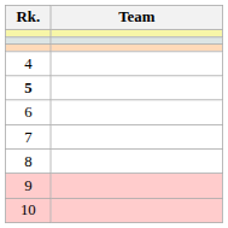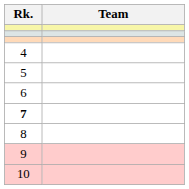 <table class="wikitable" style="border:1px solid #AAAAAA">
 <tr bgcolor="#E4E4E4">
 <th style="border-bottom:1px solid #AAAAAA" width=40>Rk.</th>
 <th style="border-bottom:1px solid #AAAAAA" width=170>Team</th>
 </tr>
 <tr bgcolor="#F7F6A8">
 <td align="center"></td>
 <td></td>
 </tr>
 <tr bgcolor="#DCE5E5">
 <td align="center"></td>
 <td></td>
 </tr>
 <tr bgcolor="#FFDAB9">
 <td align="center"></td>
 <td></td>
 </tr>
 <tr style="background:#ffffff;">
 <td align="center">4</td>
 <td></td>
 </tr>
 <tr style="background:#ffffff;">
-<td align="center"><strong>5</strong></td>
+<td align="center">5</td>
 <td></td>
 </tr>
 <tr style="background:#ffffff;">
 <td align="center">6</td>
 <td></td>
 </tr>
 <tr style="background:#ffffff;">
-<td align="center">7</td>
+<td align="center"><strong>7</strong></td>
 <td></td>
 </tr>
 <tr style="background:#ffffff;">
 <td align="center">8</td>
 <td></td>
 </tr>
 <tr style="background:#ffcccc;">
 <td align="center">9</td>
 <td></td>
 </tr>
 <tr style="background:#ffcccc;">
 <td align="center">10</td>
 <td></td>
 </tr>
 </table>
